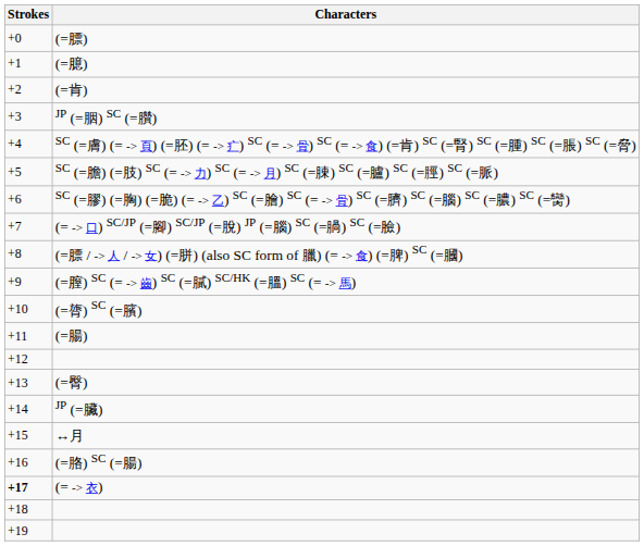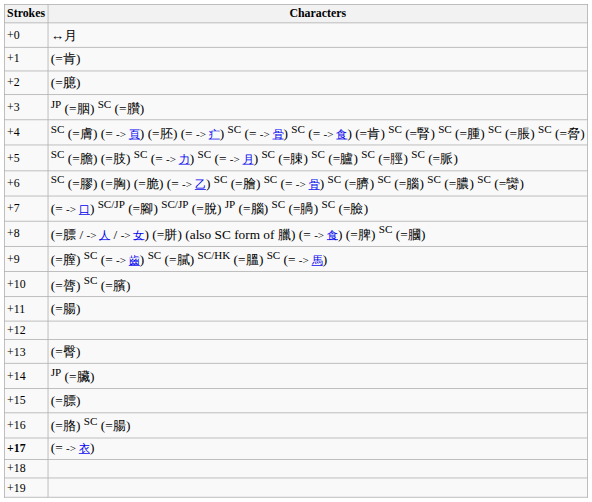 <table class="wikitable">
 <tr>
 <th>Strokes</th>
 <th>Characters</th>
 </tr>
 <tr>
 <td>+0</td>
-<td style="font-size: large;">  (=膘)  </td>
+<td style="font-size: large;"> ↔月</td>
 </tr>
 <tr>
 <td>+1</td>
-<td style="font-size: large;"> (=臆)</td>
+<td style="font-size: large;">    (=肯) </td>
 </tr>
 <tr>
 <td>+2</td>
-<td style="font-size: large;">    (=肯) </td>
+<td style="font-size: large;"> (=臆)</td>
 </tr>
 <tr>
 <td>+3</td>
 <td style="font-size: large;"> <sup>JP</sup> (=胭)   <sup>SC</sup> (=臢)</td>
 </tr>
 <tr>
 <td>+4</td>
 <td style="font-size: large;">   <sup>SC</sup> (=膚)   (= <small>-> <a href='#'>頁</a></small>)  (=胚)      (= <small>-> <a href='#'>疒</a></small>)  <sup>SC</sup> (= <small>-> <a href='#'>骨</a></small>)      <sup>SC</sup> (= <small>-> <a href='#'>食</a></small>)        (=肯)   <sup>SC</sup> (=腎) <sup>SC</sup> (=腫) <sup>SC</sup> (=脹) <sup>SC</sup> (=脅)</td>
 </tr>
 <tr>
 <td>+5</td>
 <td style="font-size: large;">     <sup>SC</sup> (=膽)            (=肢)           <sup>SC</sup> (= <small>-> <a href='#'>力</a></small>)           <sup>SC</sup> (= <small>-> <a href='#'>月</a></small>) <sup>SC</sup> (=腖)  <sup>SC</sup> (=臚) <sup>SC</sup> (=脛)  <sup>SC</sup> (=脈)</td>
 </tr>
 <tr>
 <td>+6</td>
 <td style="font-size: large;">         <sup>SC</sup> (=膠)  (=胸)             (=脆)         (= <small>-> <a href='#'>乙</a></small>) <sup>SC</sup> (=膾)  <sup>SC</sup> (= <small>-> <a href='#'>骨</a></small>) <sup>SC</sup> (=臍) <sup>SC</sup> (=腦)  <sup>SC</sup> (=膿) <sup>SC</sup> (=臠)</td>
 </tr>
 <tr>
 <td>+7</td>
 <td style="font-size: large;">   (= <small>-> <a href='#'>口</a></small>)   <sup>SC/JP</sup> (=腳)                       <sup>SC/JP</sup> (=脫)  <sup>JP</sup> (=腦)   <sup>SC</sup> (=腡)  <sup>SC</sup> (=臉)</td>
 </tr>
 <tr>
 <td>+8</td>
 <td style="font-size: large;">       (=膘 /  <small>-> <a href='#'>人</a></small> /  <small>-> <a href='#'>女</a></small>)   (=胼)          (also SC form of 臘)      (= <small>-> <a href='#'>食</a></small>)         (=脾) <sup>SC</sup> (=膕)  </td>
 </tr>
 <tr>
 <td>+9</td>
 <td style="font-size: large;">       (=膣)              <sup>SC</sup> (= <small>-> <a href='#'>齒</a></small>)              <sup>SC</sup> (=膩)  <sup>SC/HK</sup> (=膃) <sup>SC</sup> (= <small>-> <a href='#'>馬</a></small>)</td>
 </tr>
 <tr>
 <td>+10</td>
 <td style="font-size: large;">                  (=膂) <sup>SC</sup> (=臏)</td>
 </tr>
 <tr>
 <td>+11</td>
 <td style="font-size: large;">  (=腸)                </td>
 </tr>
 <tr>
 <td>+12</td>
 <td style="font-size: large;">                  </td>
 </tr>
 <tr>
 <td>+13</td>
 <td style="font-size: large;">                     (=臀) </td>
 </tr>
 <tr>
 <td>+14</td>
 <td style="font-size: large;">      <sup>JP</sup> (=臟)</td>
 </tr>
 <tr>
 <td>+15</td>
-<td style="font-size: large;"> ↔月</td>
+<td style="font-size: large;">  (=膘)  </td>
 </tr>
 <tr>
 <td>+16</td>
 <td style="font-size: large;"> (=胳)                <sup>SC</sup> (=腸)</td>
 </tr>
 <tr>
 <td><strong>+17</strong></td>
 <td style="font-size: large;"> (= <small>-> <a href='#'>衣</a></small>)</td>
 </tr>
 <tr>
 <td>+18</td>
 <td style="font-size: large;"> </td>
 </tr>
 <tr>
 <td>+19</td>
 <td style="font-size: large;">  </td>
 </tr>
 </table>
